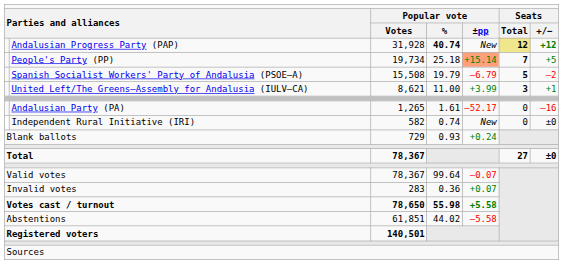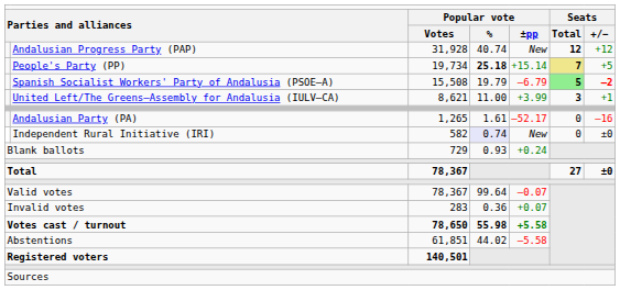 <table class="wikitable" style="text-align:right;">
 <tr>
 <td colspan="7"></td>
 </tr>
 <tr>
 <th style="text-align:left;" rowspan="2" colspan="2" width="525">Parties and alliances</th>
 <th colspan="3">Popular vote</th>
 <th colspan="2">Seats</th>
 </tr>
 <tr>
 <th width="75">Votes</th>
 <th width="45">%</th>
 <th width="45">±<a href='#'>pp</a></th>
 <th width="35">Total</th>
 <th width="35">+/−</th>
 </tr>
 <tr>
 <td width="1" style="color:inherit;background:"></td>
 <td align="left"><a href='#'>Andalusian Progress Party</a> (PAP)</td>
 <td>31,928</td>
-<td><strong>40.74</strong></td>
+<td>40.74</td>
 <td><em>New</em></td>
-<td style="background: khaki;"><strong>12</strong></td>
-<td style="color:green;"><strong>+12</strong></td>
+<td><strong>12</strong></td>
+<td style="color:green;">+12</td>
 </tr>
 <tr>
 <td style="color:inherit;background:"></td>
 <td align="left"><a href='#'>People's Party</a> (PP)</td>
 <td>19,734</td>
-<td>25.18</td>
-<td style="background: lightsalmon; color:green;">+15.14</td>
-<td><strong>7</strong></td>
+<td><strong>25.18</strong></td>
+<td style="color:green;">+15.14</td>
+<td style="background: khaki;"><strong>7</strong></td>
 <td style="color:green;">+5</td>
 </tr>
 <tr>
 <td style="color:inherit;background:"></td>
 <td align="left"><a href='#'>Spanish Socialist Workers' Party of Andalusia</a> (PSOE–A)</td>
 <td>15,508</td>
 <td>19.79</td>
 <td style="color:red;">–6.79</td>
-<td><strong>5</strong></td>
-<td style="color:red;">–2</td>
+<td style="background: lightgreen;"><strong>5</strong></td>
+<td style="color:red;"><strong>–2</strong></td>
 </tr>
 <tr>
 <td style="color:inherit;background:"></td>
 <td align="left"><a href='#'>United Left/The Greens–Assembly for Andalusia</a> (IULV–CA)</td>
 <td>8,621</td>
 <td>11.00</td>
 <td style="color:green;">+3.99</td>
 <td><strong>3</strong></td>
 <td style="color:green;">+1</td>
 </tr>
 <tr>
 <td colspan="7" bgcolor="#C0C0C0"></td>
 </tr>
 <tr>
 <td style="color:inherit;background:"></td>
 <td align="left"><a href='#'>Andalusian Party</a> (PA)</td>
 <td>1,265</td>
 <td>1.61</td>
 <td style="color:red;">–52.17</td>
 <td>0</td>
 <td style="color:red;">–16</td>
 </tr>
 <tr>
 <td bgcolor="white"></td>
 <td align="left">Independent Rural Initiative (IRI)</td>
 <td>582</td>
-<td>0.74</td>
+<td style="background: lavender;">0.74</td>
 <td><em>New</em></td>
 <td>0</td>
 <td>±0</td>
 </tr>
 <tr>
 <td align="left" colspan="2">Blank ballots</td>
 <td>729</td>
 <td>0.93</td>
 <td style="color:green;">+0.24</td>
 <td bgcolor="#E9E9E9" colspan="2"></td>
 </tr>
 <tr>
 <td colspan="7" bgcolor="#E9E9E9"></td>
 </tr>
 <tr style="font-weight:bold;">
 <td align="left" colspan="2">Total</td>
 <td>78,367</td>
 <td bgcolor="#E9E9E9" colspan="2"></td>
 <td>27</td>
 <td>±0</td>
 </tr>
 <tr>
 <td colspan="7" bgcolor="#E9E9E9"></td>
 </tr>
 <tr>
 <td align="left" colspan="2">Valid votes</td>
 <td>78,367</td>
 <td>99.64</td>
 <td style="color:red;">–0.07</td>
 <td bgcolor="#E9E9E9" colspan="2" rowspan="5"></td>
 </tr>
 <tr>
 <td align="left" colspan="2">Invalid votes</td>
 <td>283</td>
 <td>0.36</td>
 <td style="color:green;">+0.07</td>
 </tr>
 <tr style="font-weight:bold;">
 <td align="left" colspan="2">Votes cast / turnout</td>
 <td>78,650</td>
 <td>55.98</td>
 <td style="color:green;">+5.58</td>
 </tr>
 <tr>
 <td align="left" colspan="2">Abstentions</td>
 <td>61,851</td>
 <td>44.02</td>
 <td style="color:red;">–5.58</td>
 </tr>
 <tr style="font-weight:bold;">
 <td align="left" colspan="2">Registered voters</td>
 <td>140,501</td>
 <td bgcolor="#E9E9E9" colspan="2"></td>
 </tr>
 <tr>
 <td colspan="7" bgcolor="#E9E9E9"></td>
 </tr>
 <tr>
 <td align="left" colspan="7">Sources</td>
 </tr>
 </table>
